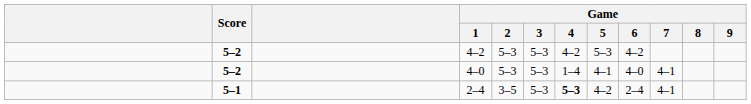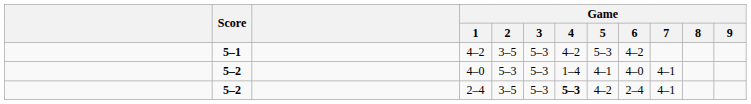 <table class="wikitable" style="text-align: center;">
 <tr>
 <th rowspan=2 align="right" width="270"></th>
 <th rowspan=2 width="45">Score</th>
 <th rowspan=2 align="left" width="270"></th>
 <th colspan=9>Game</th>
 </tr>
 <tr>
 <th width="35">1</th>
 <th width="35">2</th>
 <th width="35">3</th>
 <th width="35">4</th>
 <th width="35">5</th>
 <th width="35">6</th>
 <th width="35">7</th>
 <th width="35">8</th>
 <th width="35">9</th>
 </tr>
 <tr>
 <td align=left><strong><br></strong></td>
-<td align=center><strong>5–2</strong></td>
+<td align=center><strong>5–1</strong></td>
 <td align=left><br></td>
 <td>4–2</td>
-<td>5–3</td>
+<td>3–5</td>
 <td>5–3</td>
 <td>4–2</td>
 <td>5–3</td>
 <td>4–2</td>
 <td></td>
 <td></td>
 <td></td>
 </tr>
 <tr>
 <td align=left><strong><br></strong></td>
 <td align=center><strong>5–2</strong></td>
 <td align=left><br></td>
 <td>4–0</td>
 <td>5–3</td>
 <td>5–3</td>
 <td>1–4</td>
 <td>4–1</td>
 <td>4–0</td>
 <td>4–1</td>
 <td></td>
 <td></td>
 </tr>
 <tr>
 <td align=left><strong><br></strong></td>
-<td align=center><strong>5–1</strong></td>
+<td align=center><strong>5–2</strong></td>
 <td align=left><br></td>
 <td>2–4</td>
 <td>3–5</td>
 <td>5–3</td>
 <td><strong>5–3</strong></td>
 <td>4–2</td>
 <td>2–4</td>
 <td>4–1</td>
 <td></td>
 <td></td>
 </tr>
 </table>
